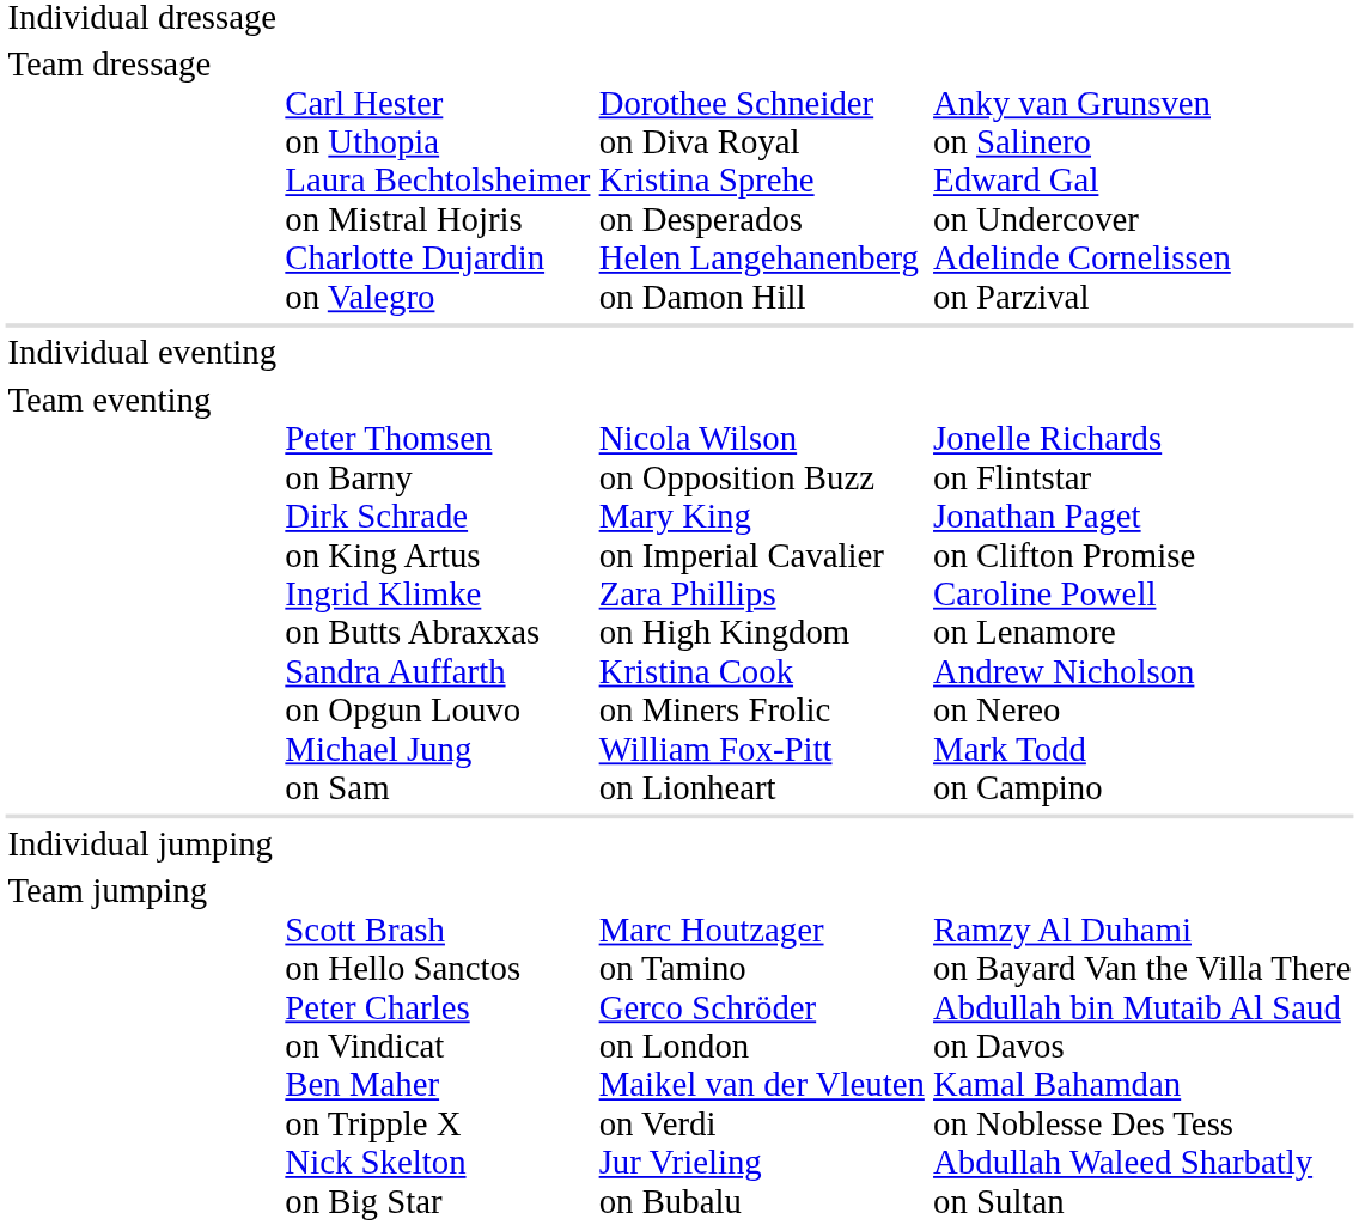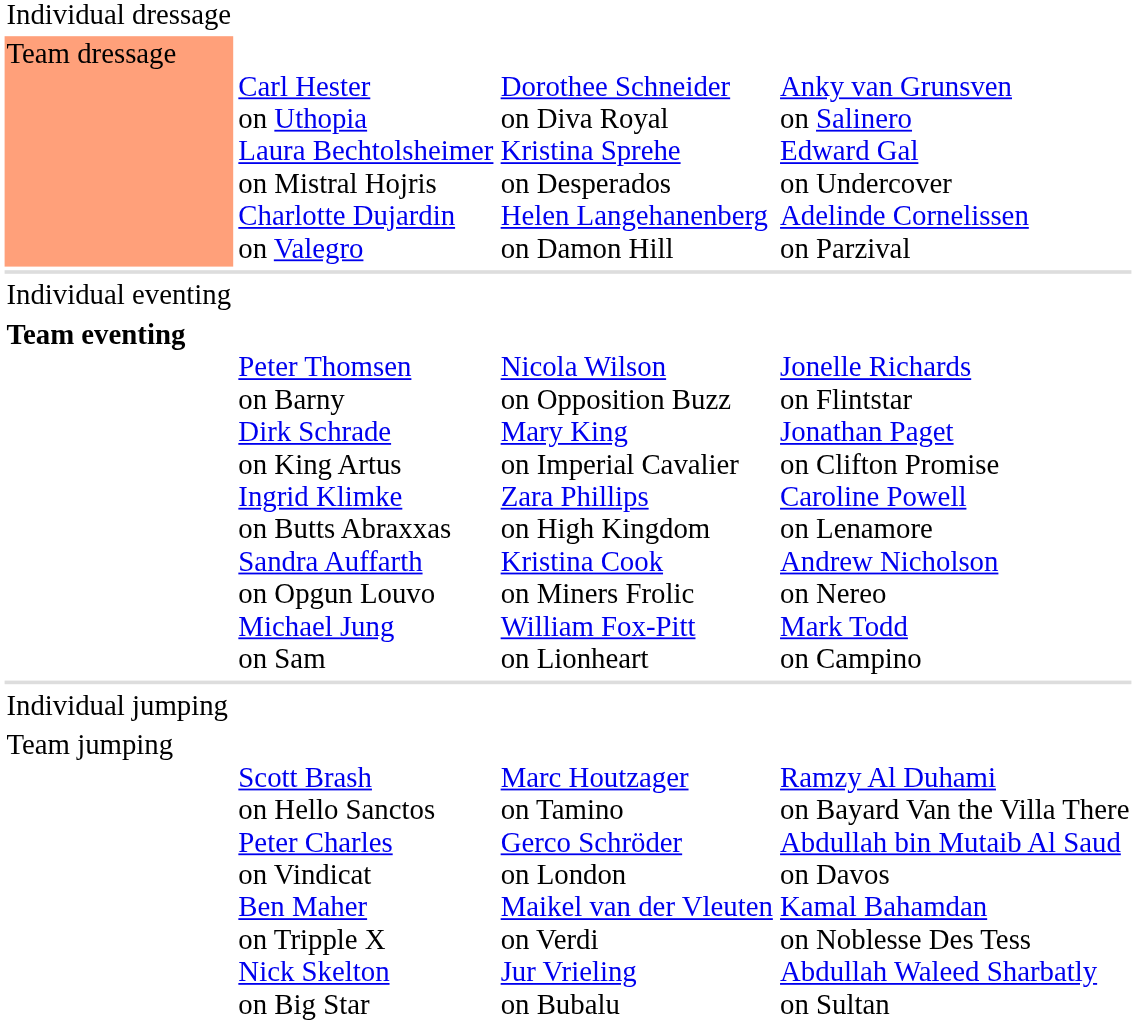 <table>
 <tr valign="top">
 <td>Individual dressage<br></td>
 <td></td>
 <td></td>
 <td></td>
 </tr>
 <tr valign="top">
-<td>Team dressage<br></td>
+<td style="background: lightsalmon;">Team dressage<br></td>
 <td><br><a href='#'>Carl Hester</a> <br> on <a href='#'>Uthopia</a><br><a href='#'>Laura Bechtolsheimer</a> <br> on Mistral Hojris<br><a href='#'>Charlotte Dujardin</a> <br> on <a href='#'>Valegro</a></td>
 <td><br><a href='#'>Dorothee Schneider</a> <br> on Diva Royal<br><a href='#'>Kristina Sprehe</a> <br> on Desperados<br><a href='#'>Helen Langehanenberg</a> <br> on Damon Hill</td>
 <td><br><a href='#'>Anky van Grunsven</a> <br> on <a href='#'>Salinero</a><br><a href='#'>Edward Gal</a> <br> on Undercover<br><a href='#'>Adelinde Cornelissen</a> <br> on Parzival</td>
 </tr>
 <tr bgcolor=#DDDDDD>
 <td colspan=7></td>
 </tr>
 <tr valign="top">
 <td>Individual eventing<br></td>
 <td></td>
 <td></td>
 <td></td>
 </tr>
 <tr valign="top">
-<td>Team eventing<br></td>
+<td><strong>Team eventing<br></strong></td>
 <td><br><a href='#'>Peter Thomsen</a> <br> on Barny<br><a href='#'>Dirk Schrade</a> <br> on King Artus<br><a href='#'>Ingrid Klimke</a> <br> on Butts Abraxxas<br><a href='#'>Sandra Auffarth</a> <br> on Opgun Louvo<br><a href='#'>Michael Jung</a> <br> on Sam</td>
 <td><br><a href='#'>Nicola Wilson</a> <br> on Opposition Buzz<br><a href='#'>Mary King</a> <br> on Imperial Cavalier<br><a href='#'>Zara Phillips</a> <br> on High Kingdom<br> <a href='#'>Kristina Cook</a> <br> on Miners Frolic<br><a href='#'>William Fox-Pitt</a> <br> on Lionheart</td>
 <td><br><a href='#'>Jonelle Richards</a> <br> on Flintstar<br><a href='#'>Jonathan Paget</a> <br> on Clifton Promise<br> <a href='#'>Caroline Powell</a> <br> on Lenamore<br><a href='#'>Andrew Nicholson</a> <br> on Nereo<br><a href='#'>Mark Todd</a> <br> on Campino</td>
 </tr>
 <tr bgcolor=#DDDDDD>
 <td colspan=7></td>
 </tr>
 <tr valign="top">
 <td>Individual jumping<br></td>
 <td></td>
 <td></td>
 <td></td>
 </tr>
 <tr valign="top">
 <td>Team jumping<br></td>
 <td><br><a href='#'>Scott Brash</a> <br> on Hello Sanctos<br><a href='#'>Peter Charles</a> <br> on Vindicat<br><a href='#'>Ben Maher</a> <br> on Tripple X<br><a href='#'>Nick Skelton</a> <br> on Big Star</td>
 <td><br><a href='#'>Marc Houtzager</a> <br> on Tamino<br><a href='#'>Gerco Schröder</a> <br> on London<br><a href='#'>Maikel van der Vleuten</a> <br> on Verdi<br><a href='#'>Jur Vrieling</a> <br> on Bubalu</td>
 <td><br><a href='#'>Ramzy Al Duhami</a> <br> on Bayard Van the Villa There<br><a href='#'>Abdullah bin Mutaib Al Saud</a> <br> on Davos<br><a href='#'>Kamal Bahamdan</a> <br> on Noblesse Des Tess<br><a href='#'>Abdullah Waleed Sharbatly</a> <br> on Sultan</td>
 </tr>
 </table>
